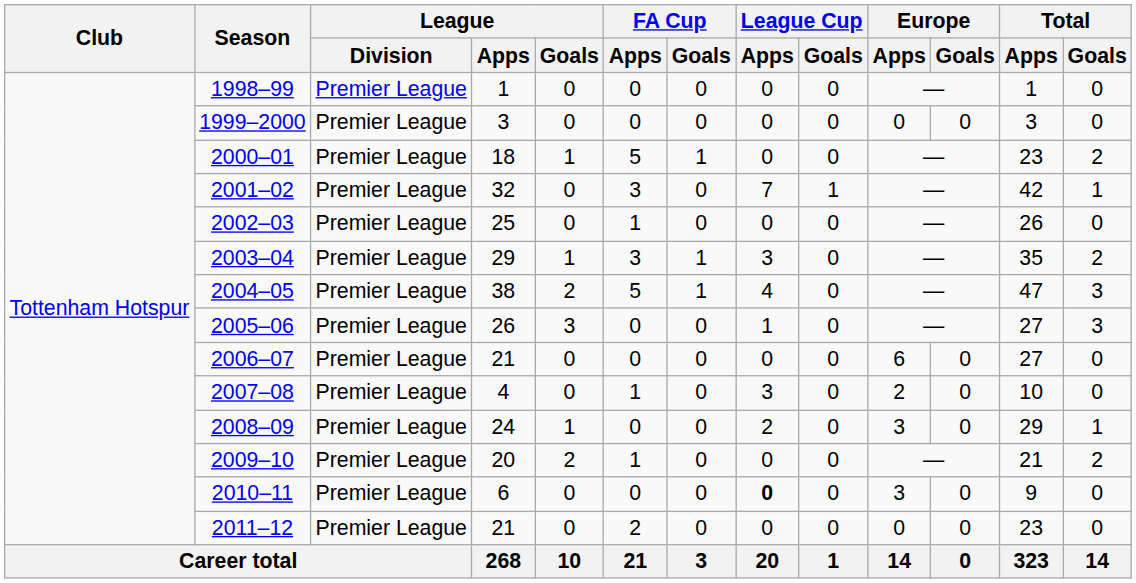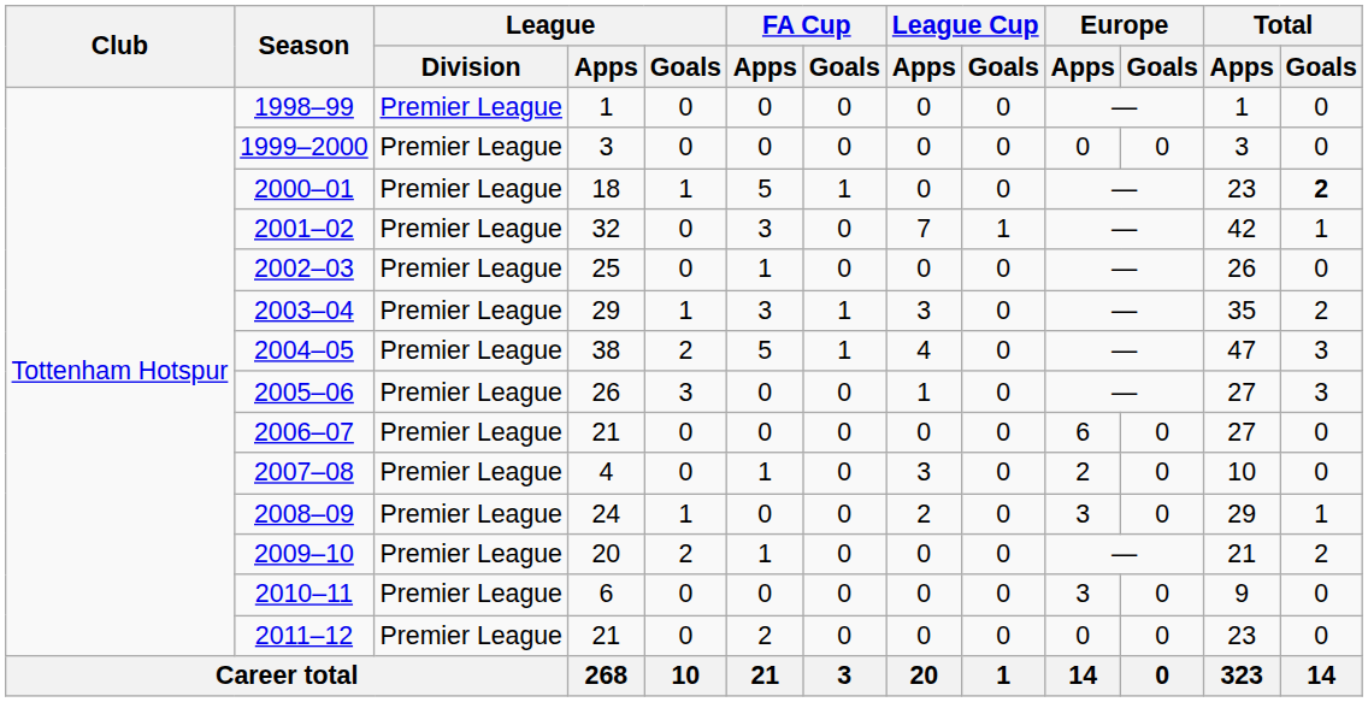 <table class="wikitable" style="text-align:center;">
 <tr>
 <th rowspan="2">Club</th>
 <th rowspan="2">Season</th>
 <th colspan="3">League</th>
 <th colspan="2"><a href='#'>FA Cup</a></th>
 <th colspan="2"><a href='#'>League Cup</a></th>
 <th colspan="2">Europe</th>
 <th colspan="2">Total</th>
 </tr>
 <tr>
 <th>Division</th>
 <th>Apps</th>
 <th>Goals</th>
 <th>Apps</th>
 <th>Goals</th>
 <th>Apps</th>
 <th>Goals</th>
 <th>Apps</th>
 <th>Goals</th>
 <th>Apps</th>
 <th>Goals</th>
 </tr>
 <tr>
 <td rowspan="14"><a href='#'>Tottenham Hotspur</a></td>
 <td><a href='#'>1998–99</a></td>
 <td><a href='#'>Premier League</a></td>
 <td>1</td>
 <td>0</td>
 <td>0</td>
 <td>0</td>
 <td>0</td>
 <td>0</td>
 <td colspan="2">—</td>
 <td>1</td>
 <td>0</td>
 </tr>
 <tr>
 <td><a href='#'>1999–2000</a></td>
 <td>Premier League</td>
 <td>3</td>
 <td>0</td>
 <td>0</td>
 <td>0</td>
 <td>0</td>
 <td>0</td>
 <td>0</td>
 <td>0</td>
 <td>3</td>
 <td>0</td>
 </tr>
 <tr>
 <td><a href='#'>2000–01</a></td>
 <td>Premier League</td>
 <td>18</td>
 <td>1</td>
 <td>5</td>
 <td>1</td>
 <td>0</td>
 <td>0</td>
 <td colspan="2">—</td>
 <td>23</td>
-<td>2</td>
+<td><strong>2</strong></td>
 </tr>
 <tr>
 <td><a href='#'>2001–02</a></td>
 <td>Premier League</td>
 <td>32</td>
 <td>0</td>
 <td>3</td>
 <td>0</td>
 <td>7</td>
 <td>1</td>
 <td colspan="2">—</td>
 <td>42</td>
 <td>1</td>
 </tr>
 <tr>
 <td><a href='#'>2002–03</a></td>
 <td>Premier League</td>
 <td>25</td>
 <td>0</td>
 <td>1</td>
 <td>0</td>
 <td>0</td>
 <td>0</td>
 <td colspan="2">—</td>
 <td>26</td>
 <td>0</td>
 </tr>
 <tr>
 <td><a href='#'>2003–04</a></td>
 <td>Premier League</td>
 <td>29</td>
 <td>1</td>
 <td>3</td>
 <td>1</td>
 <td>3</td>
 <td>0</td>
 <td colspan="2">—</td>
 <td>35</td>
 <td>2</td>
 </tr>
 <tr>
 <td><a href='#'>2004–05</a></td>
 <td>Premier League</td>
 <td>38</td>
 <td>2</td>
 <td>5</td>
 <td>1</td>
 <td>4</td>
 <td>0</td>
 <td colspan="2">—</td>
 <td>47</td>
 <td>3</td>
 </tr>
 <tr>
 <td><a href='#'>2005–06</a></td>
 <td>Premier League</td>
 <td>26</td>
 <td>3</td>
 <td>0</td>
 <td>0</td>
 <td>1</td>
 <td>0</td>
 <td colspan="2">—</td>
 <td>27</td>
 <td>3</td>
 </tr>
 <tr>
 <td><a href='#'>2006–07</a></td>
 <td>Premier League</td>
 <td>21</td>
 <td>0</td>
 <td>0</td>
 <td>0</td>
 <td>0</td>
 <td>0</td>
 <td>6</td>
 <td>0</td>
 <td>27</td>
 <td>0</td>
 </tr>
 <tr>
 <td><a href='#'>2007–08</a></td>
 <td>Premier League</td>
 <td>4</td>
 <td>0</td>
 <td>1</td>
 <td>0</td>
 <td>3</td>
 <td>0</td>
 <td>2</td>
 <td>0</td>
 <td>10</td>
 <td>0</td>
 </tr>
 <tr>
 <td><a href='#'>2008–09</a></td>
 <td>Premier League</td>
 <td>24</td>
 <td>1</td>
 <td>0</td>
 <td>0</td>
 <td>2</td>
 <td>0</td>
 <td>3</td>
 <td>0</td>
 <td>29</td>
 <td>1</td>
 </tr>
 <tr>
 <td><a href='#'>2009–10</a></td>
 <td>Premier League</td>
 <td>20</td>
 <td>2</td>
 <td>1</td>
 <td>0</td>
 <td>0</td>
 <td>0</td>
 <td colspan="2">—</td>
 <td>21</td>
 <td>2</td>
 </tr>
 <tr>
 <td><a href='#'>2010–11</a></td>
 <td>Premier League</td>
 <td>6</td>
 <td>0</td>
 <td>0</td>
 <td>0</td>
-<td><strong>0</strong></td>
+<td>0</td>
 <td>0</td>
 <td>3</td>
 <td>0</td>
 <td>9</td>
 <td>0</td>
 </tr>
 <tr>
 <td><a href='#'>2011–12</a></td>
 <td>Premier League</td>
 <td>21</td>
 <td>0</td>
 <td>2</td>
 <td>0</td>
 <td>0</td>
 <td>0</td>
 <td>0</td>
 <td>0</td>
 <td>23</td>
 <td>0</td>
 </tr>
 <tr>
 <th colspan="3">Career total</th>
 <th>268</th>
 <th>10</th>
 <th>21</th>
 <th>3</th>
 <th>20</th>
 <th>1</th>
 <th>14</th>
 <th>0</th>
 <th>323</th>
 <th>14</th>
 </tr>
 </table>
